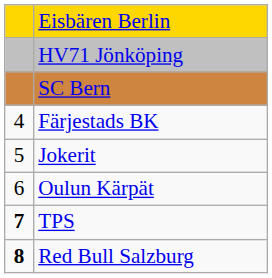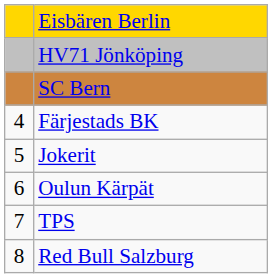 <table class="wikitable" style="width:200px;">
 <tr style="background:gold;">
 <td align=center></td>
 <td> <a href='#'>Eisbären Berlin</a></td>
 </tr>
 <tr style="background:silver;">
 <td align=center></td>
 <td> <a href='#'>HV71 Jönköping</a></td>
 </tr>
 <tr style="background:peru;">
 <td align=center></td>
 <td> <a href='#'>SC Bern</a></td>
 </tr>
 <tr>
 <td align=center>4</td>
 <td> <a href='#'>Färjestads BK</a></td>
 </tr>
 <tr>
 <td align=center>5</td>
 <td> <a href='#'>Jokerit</a></td>
 </tr>
 <tr>
 <td align=center>6</td>
 <td> <a href='#'>Oulun Kärpät</a></td>
 </tr>
 <tr>
-<td align=center><strong>7</strong></td>
+<td align=center>7</td>
 <td> <a href='#'>TPS</a></td>
 </tr>
 <tr>
-<td align=center><strong>8</strong></td>
+<td align=center>8</td>
 <td> <a href='#'>Red Bull Salzburg</a></td>
 </tr>
 </table>
